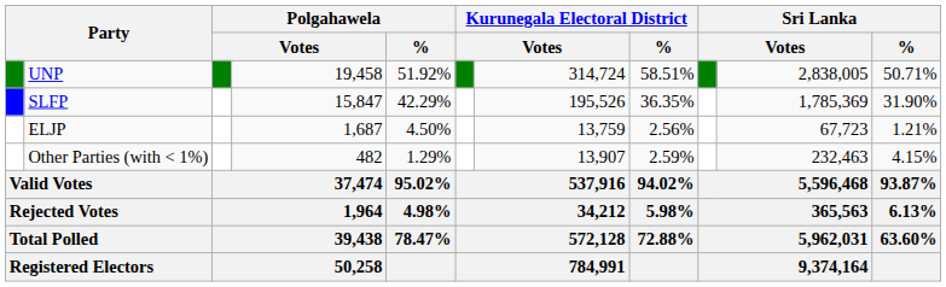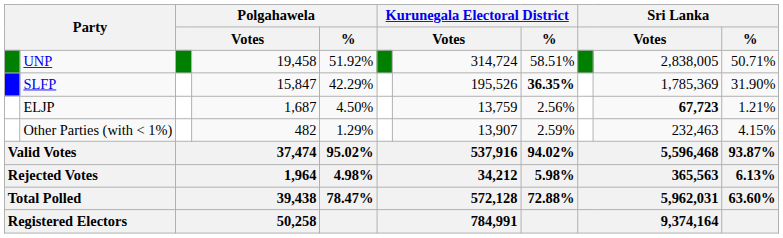 <table class="wikitable">
 <tr>
 <th colspan="2" width="144px"rowspan="2">Party</th>
 <th colspan="3" width="216px">Polgahawela</th>
 <th colspan="3" width="216px"><a href='#'>Kurunegala Electoral District</a></th>
 <th colspan="3" width="216px">Sri Lanka</th>
 </tr>
 <tr>
 <th colspan="2" width="144px">Votes</th>
 <th>%</th>
 <th colspan="2" width="144px">Votes</th>
 <th>%</th>
 <th colspan="2" width="144px">Votes</th>
 <th>%</th>
 </tr>
 <tr>
 <td style="background-color:green;" width="10px"></td>
 <td style="text-align:left;"><a href='#'>UNP</a></td>
 <td style="background-color:green;" width="10px"></td>
 <td style="text-align:right;">19,458</td>
 <td style="text-align:right;">51.92%</td>
 <td style="background-color:green;" width="10px"></td>
 <td style="text-align:right;">314,724</td>
 <td style="text-align:right;">58.51%</td>
 <td style="background-color:green;" width="10px"></td>
 <td style="text-align:right;">2,838,005</td>
 <td style="text-align:right;">50.71%</td>
 </tr>
 <tr>
 <td style="background-color:blue;" width="10px"></td>
 <td style="text-align:left;"><a href='#'>SLFP</a></td>
 <td style="background-color:white;" width="10px"></td>
 <td style="text-align:right;">15,847</td>
 <td style="text-align:right;">42.29%</td>
 <td style="background-color:white;" width="10px"></td>
 <td style="text-align:right;">195,526</td>
-<td style="text-align:right;">36.35%</td>
+<td style="text-align:right;"><strong>36.35%</strong></td>
 <td style="background-color:white;" width="10px"></td>
 <td style="text-align:right;">1,785,369</td>
 <td style="text-align:right;">31.90%</td>
 </tr>
 <tr>
 <td style="background-color:white;" width="10px"></td>
 <td style="text-align:left;">ELJP</td>
 <td style="background-color:white;" width="10px"></td>
 <td style="text-align:right;">1,687</td>
 <td style="text-align:right;">4.50%</td>
 <td style="background-color:white;" width="10px"></td>
 <td style="text-align:right;">13,759</td>
 <td style="text-align:right;">2.56%</td>
 <td style="background-color:white;" width="10px"></td>
-<td style="text-align:right;">67,723</td>
+<td style="text-align:right;"><strong>67,723</strong></td>
 <td style="text-align:right;">1.21%</td>
 </tr>
 <tr>
 <td style="background-color:white;" width="10px"></td>
 <td style="text-align:left;">Other Parties (with < 1%)</td>
 <td style="background-color:white;" width="10px"></td>
 <td style="text-align:right;">482</td>
 <td style="text-align:right;">1.29%</td>
 <td style="background-color:white;" width="10px"></td>
 <td style="text-align:right;">13,907</td>
 <td style="text-align:right;">2.59%</td>
 <td style="background-color:white;" width="10px"></td>
 <td style="text-align:right;">232,463</td>
 <td style="text-align:right;">4.15%</td>
 </tr>
 <tr>
 <th colspan="2" width="144px"style="text-align:left;">Valid Votes</th>
 <th style="text-align:right;"colspan="2" width="144px">37,474</th>
 <th style="text-align:right;">95.02%</th>
 <th style="text-align:right;"colspan="2" width="144px">537,916</th>
 <th style="text-align:right;">94.02%</th>
 <th style="text-align:right;"colspan="2" width="144px">5,596,468</th>
 <th style="text-align:right;">93.87%</th>
 </tr>
 <tr>
 <th colspan="2" width="144px"style="text-align:left;">Rejected Votes</th>
 <th style="text-align:right;"colspan="2" width="144px">1,964</th>
 <th style="text-align:right;">4.98%</th>
 <th style="text-align:right;"colspan="2" width="144px">34,212</th>
 <th style="text-align:right;">5.98%</th>
 <th style="text-align:right;"colspan="2" width="144px">365,563</th>
 <th style="text-align:right;">6.13%</th>
 </tr>
 <tr>
 <th colspan="2" width="144px"style="text-align:left;">Total Polled</th>
 <th style="text-align:right;"colspan="2" width="144px">39,438</th>
 <th style="text-align:right;">78.47%</th>
 <th style="text-align:right;"colspan="2" width="144px">572,128</th>
 <th style="text-align:right;">72.88%</th>
 <th style="text-align:right;"colspan="2" width="144px">5,962,031</th>
 <th style="text-align:right;">63.60%</th>
 </tr>
 <tr>
 <th colspan="2" width="144px"style="text-align:left;">Registered Electors</th>
 <th style="text-align:right;"colspan="2" width="144px">50,258</th>
 <th></th>
 <th style="text-align:right;"colspan="2" width="144px">784,991</th>
 <th></th>
 <th style="text-align:right;"colspan="2" width="144px">9,374,164</th>
 <th></th>
 </tr>
 </table>
